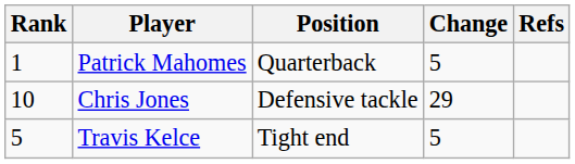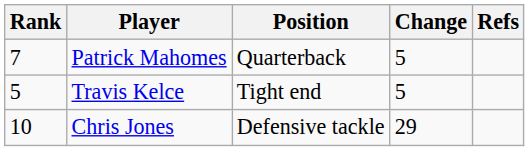 <table class="wikitable">
 <tr>
 <th>Rank</th>
 <th>Player</th>
 <th>Position</th>
 <th>Change</th>
 <th>Refs</th>
 </tr>
 <tr>
-<td>1</td>
+<td>7</td>
 <td><a href='#'>Patrick Mahomes</a></td>
 <td>Quarterback</td>
+<td>5</td>
+<td></td>
+</tr>
+<tr>
+<td>5</td>
+<td><a href='#'>Travis Kelce</a></td>
+<td>Tight end</td>
 <td>5</td>
 <td></td>
 </tr>
 <tr>
 <td>10</td>
 <td><a href='#'>Chris Jones</a></td>
 <td>Defensive tackle</td>
 <td>29</td>
 <td></td>
 </tr>
-<tr>
-<td>5</td>
-<td><a href='#'>Travis Kelce</a></td>
-<td>Tight end</td>
-<td>5</td>
-<td></td>
-</tr>
 </table>
